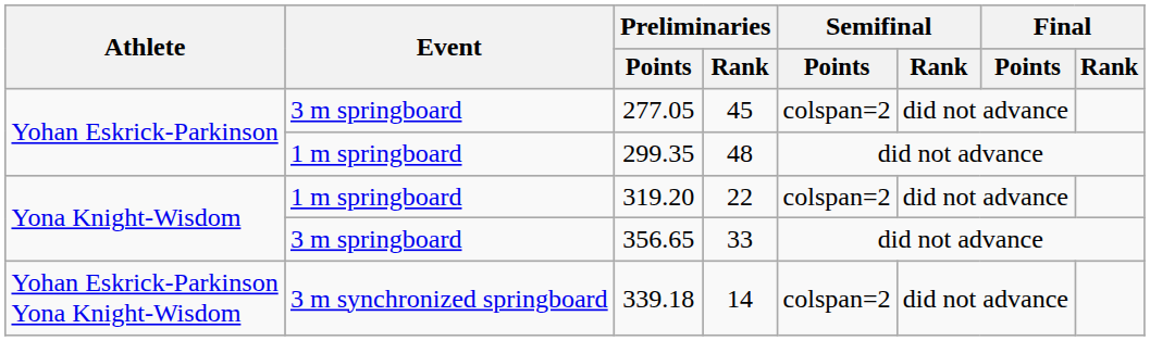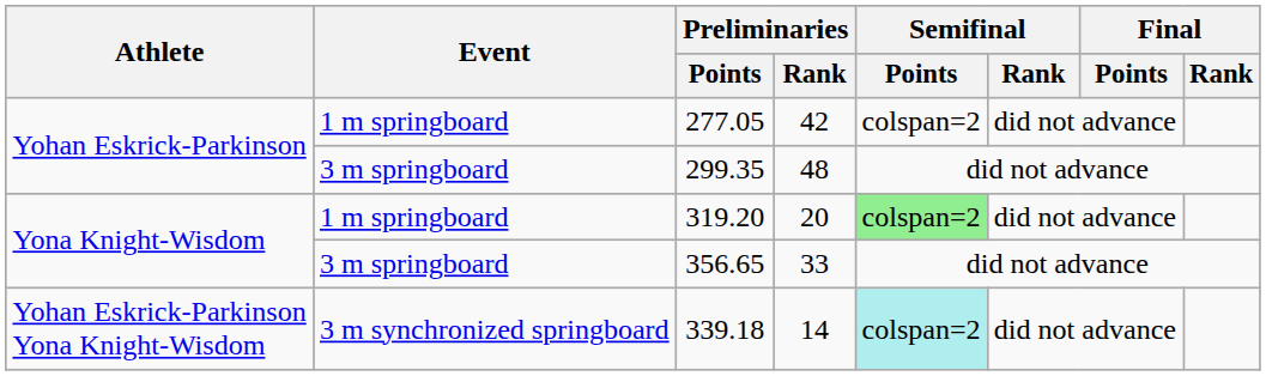 <table class="wikitable" style="text-align:center; font-size:90%;">
 <tr>
 <th rowspan=2>Athlete</th>
 <th rowspan=2>Event</th>
 <th colspan=2>Preliminaries</th>
 <th colspan=2>Semifinal</th>
 <th colspan=2>Final</th>
 </tr>
 <tr style="font-size:95%">
 <th>Points</th>
 <th>Rank</th>
 <th>Points</th>
 <th>Rank</th>
 <th>Points</th>
 <th>Rank</th>
 </tr>
 <tr>
 <td align=left rowspan=2><a href='#'>Yohan Eskrick-Parkinson</a></td>
-<td align=left><a href='#'>3 m springboard</a></td>
+<td align=left><a href='#'>1 m springboard</a></td>
 <td>277.05</td>
-<td>45</td>
+<td>42</td>
 <td>colspan=2 </td>
 <td colspan=2>did not advance</td>
 </tr>
 <tr>
-<td align=left><a href='#'>1 m springboard</a></td>
+<td align=left><a href='#'>3 m springboard</a></td>
 <td>299.35</td>
 <td>48</td>
 <td colspan=4>did not advance</td>
 </tr>
 <tr>
 <td align=left rowspan=2><a href='#'>Yona Knight-Wisdom</a></td>
 <td align=left><a href='#'>1 m springboard</a></td>
 <td>319.20</td>
-<td>22</td>
-<td>colspan=2 </td>
+<td>20</td>
+<td style="background: lightgreen;">colspan=2 </td>
 <td colspan=2>did not advance</td>
 </tr>
 <tr>
 <td align=left><a href='#'>3 m springboard</a></td>
 <td>356.65</td>
 <td>33</td>
 <td colspan=4>did not advance</td>
 </tr>
 <tr>
 <td align=left><a href='#'>Yohan Eskrick-Parkinson</a><br> <a href='#'>Yona Knight-Wisdom</a></td>
 <td align=left><a href='#'>3 m synchronized springboard</a></td>
 <td>339.18</td>
 <td>14</td>
-<td>colspan=2 </td>
+<td style="background: paleturquoise;">colspan=2 </td>
 <td colspan=2>did not advance</td>
 </tr>
 </table>
